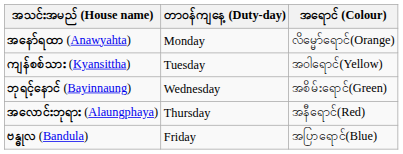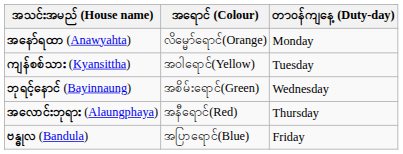 <table class="wikitable">
 <tr>
 <th>အသင်းအမည် (House name)</th>
+<th>အရောင် (Colour)</th>
 <th>တာဝန်ကျနေ့ (Duty-day)</th>
-<th>အရောင် (Colour)</th>
 </tr>
 <tr>
 <td><strong>အနော်ရထာ</strong> (<a href='#'>Anawyahta</a>)</td>
+<td>လိမ္မော်ရောင်(Orange)</td>
 <td>Monday</td>
-<td>လိမ္မော်ရောင်(Orange)</td>
 </tr>
 <tr>
 <td><strong>ကျန်စစ်သား</strong> (<a href='#'>Kyansittha</a>)</td>
+<td>အဝါရောင်(Yellow)</td>
 <td>Tuesday</td>
-<td>အဝါရောင်(Yellow)</td>
 </tr>
 <tr>
 <td><strong>ဘုရင့်နောင်</strong> (<a href='#'>Bayinnaung</a>)</td>
+<td>အစိမ်းရောင်(Green)</td>
 <td>Wednesday</td>
-<td>အစိမ်းရောင်(Green)</td>
 </tr>
 <tr>
 <td><strong>အလောင်းဘုရား</strong> (<a href='#'>Alaungphaya</a>)</td>
+<td>အနီရောင်(Red)</td>
 <td>Thursday</td>
-<td>အနီရောင်(Red)</td>
 </tr>
 <tr>
 <td><strong>‌ဗန္ဓုလ</strong> (<a href='#'>Bandula</a>)</td>
+<td>အပြာရောင်(Blue)</td>
 <td>Friday</td>
-<td>အပြာရောင်(Blue)</td>
 </tr>
 </table>
